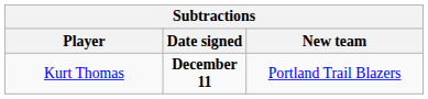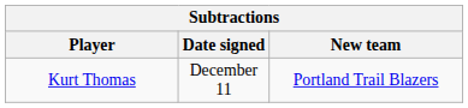 <table class="wikitable" style="text-align:center">
 <tr>
 <th colspan=3>Subtractions</th>
 </tr>
 <tr>
 <th style="width:160px">Player</th>
 <th style="width:80px">Date signed</th>
 <th style="width:180px">New team</th>
 </tr>
 <tr>
 <td><a href='#'>Kurt Thomas</a></td>
-<td><strong>December 11</strong></td>
+<td>December 11</td>
 <td><a href='#'>Portland Trail Blazers</a></td>
 </tr>
 </table>
